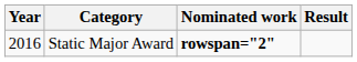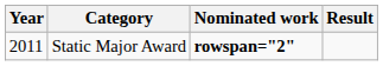 <table class="wikitable">
 <tr>
 <th>Year</th>
 <th>Category</th>
 <th>Nominated work</th>
 <th>Result</th>
 </tr>
 <tr>
-<td>2016</td>
+<td>2011</td>
 <td>Static Major Award</td>
 <td><strong>rowspan="2" </strong></td>
 <td></td>
 </tr>
 </table>
